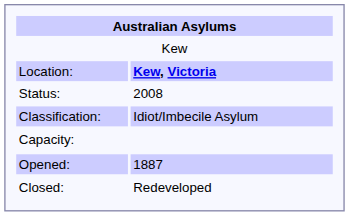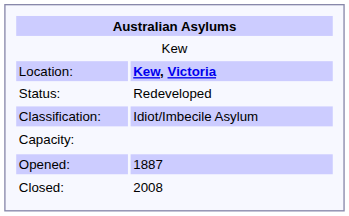 <table cellpadding=2 cellspacing=2 align=right width=256px style="font-family: verdana, sans-serif; padding: 6px; margin: 0 0 1em 1em; font-size: 10px; background-color: #f7f8ff; border:1px solid #8888aa;">
 <tr style=background:#ccccff>
 <td align=center colspan=2><span><strong>Australian Asylums</strong></span></td>
 </tr>
 <tr>
 <td align=center colspan=2>Kew</td>
 </tr>
 <tr style=background:#ccccff>
 <td style=width:80px>Location:</td>
 <td><strong><a href='#'>Kew</a>, <a href='#'>Victoria</a></strong></td>
 </tr>
 <tr>
 <td>Status:</td>
-<td>2008</td>
+<td>Redeveloped</td>
 </tr>
 <tr style=background:#ccccff>
 <td>Classification:</td>
 <td>Idiot/Imbecile Asylum</td>
 </tr>
 <tr>
 <td>Capacity:</td>
 <td></td>
 </tr>
 <tr>
 </tr>
 <tr style=background:#ccccff>
 <td>Opened:</td>
 <td>1887</td>
 </tr>
 <tr>
 <td>Closed:</td>
-<td>Redeveloped</td>
+<td>2008</td>
 </tr>
 <tr>
 </tr>
 </table>
